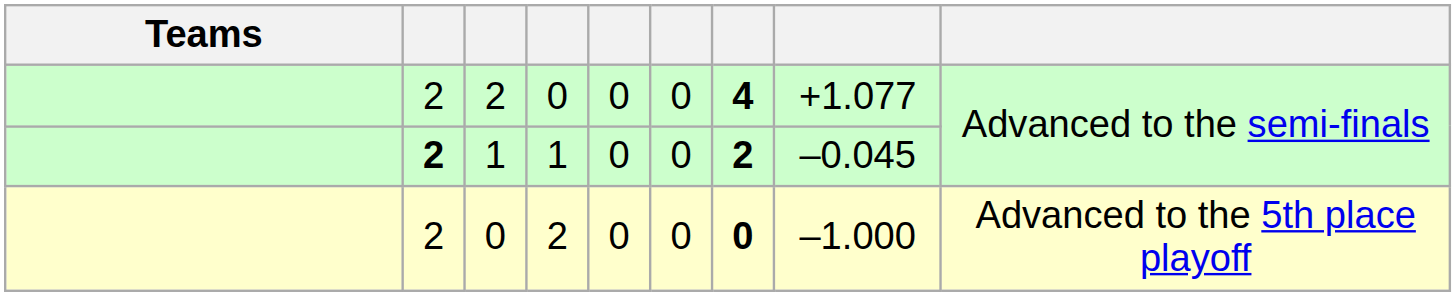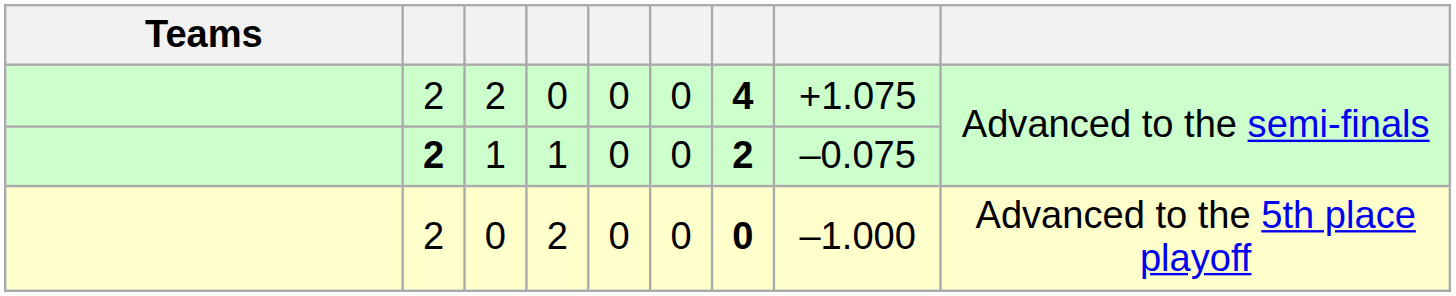 <table class="wikitable" style="text-align:center">
 <tr>
 <th style="width:175px;">Teams</th>
 <th style="width:20px;"></th>
 <th style="width:20px;"></th>
 <th style="width:20px;"></th>
 <th style="width:20px;"></th>
 <th style="width:20px;"></th>
 <th style="width:20px;"></th>
 <th style="width:65px;"></th>
 <th style="width:225px;"></th>
 </tr>
 <tr style="background:#cfc;">
 <td style="text-align:left"></td>
 <td>2</td>
 <td>2</td>
 <td>0</td>
 <td>0</td>
 <td>0</td>
 <td><strong>4</strong></td>
-<td>+1.077</td>
+<td>+1.075</td>
 <td rowspan="2">Advanced to the <a href='#'>semi-finals</a></td>
 </tr>
 <tr style="background:#cfc;">
 <td style="text-align:left"></td>
 <td><strong>2</strong></td>
 <td>1</td>
 <td>1</td>
 <td>0</td>
 <td>0</td>
 <td><strong>2</strong></td>
-<td>–0.045</td>
+<td>–0.075</td>
 </tr>
 <tr style="background:#ffc;">
 <td style="text-align:left"></td>
 <td>2</td>
 <td>0</td>
 <td>2</td>
 <td>0</td>
 <td>0</td>
 <td><strong>0</strong></td>
 <td>–1.000</td>
 <td>Advanced to the <a href='#'>5th place playoff</a></td>
 </tr>
 </table>
